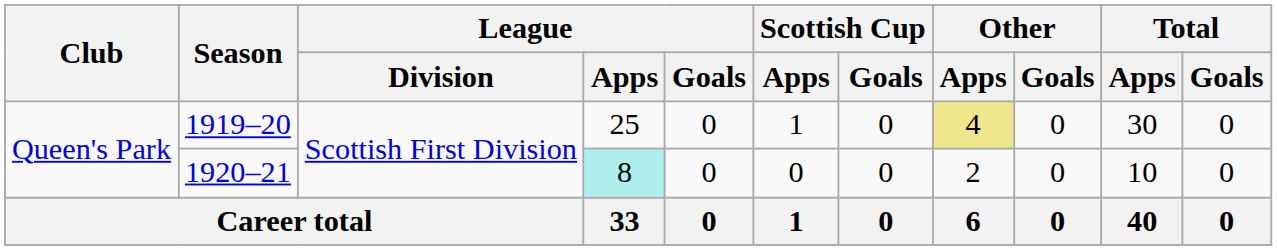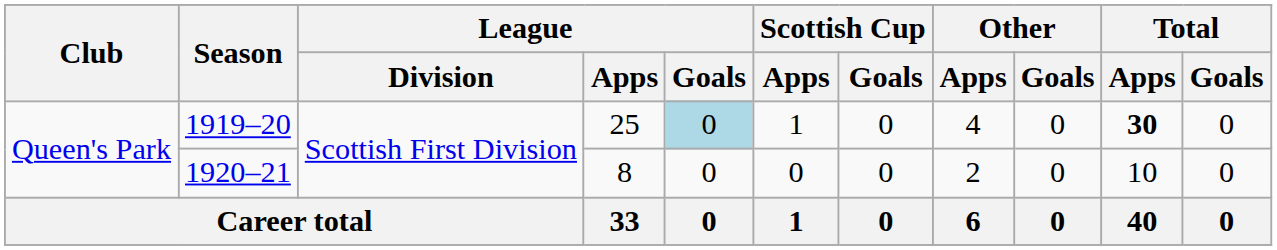 <table class="wikitable" style="text-align: center;">
 <tr>
 <th rowspan="2">Club</th>
 <th rowspan="2">Season</th>
 <th colspan="3">League</th>
 <th colspan="2">Scottish Cup</th>
 <th colspan="2">Other</th>
 <th colspan="2">Total</th>
 </tr>
 <tr>
 <th>Division</th>
 <th>Apps</th>
 <th>Goals</th>
 <th>Apps</th>
 <th>Goals</th>
 <th>Apps</th>
 <th>Goals</th>
 <th>Apps</th>
 <th>Goals</th>
 </tr>
 <tr>
 <td rowspan="2"><a href='#'>Queen's Park</a></td>
 <td><a href='#'>1919–20</a></td>
 <td rowspan="2"><a href='#'>Scottish First Division</a></td>
 <td>25</td>
-<td>0</td>
+<td style="background: lightblue;">0</td>
 <td>1</td>
 <td>0</td>
-<td style="background: khaki;">4</td>
+<td>4</td>
 <td>0</td>
-<td>30</td>
+<td><strong>30</strong></td>
 <td>0</td>
 </tr>
 <tr>
 <td><a href='#'>1920–21</a></td>
-<td style="background: paleturquoise;">8</td>
+<td>8</td>
 <td>0</td>
 <td>0</td>
 <td>0</td>
 <td>2</td>
 <td>0</td>
 <td>10</td>
 <td>0</td>
 </tr>
 <tr>
 <th colspan="3">Career total</th>
 <th>33</th>
 <th>0</th>
 <th>1</th>
 <th>0</th>
 <th>6</th>
 <th>0</th>
 <th>40</th>
 <th>0</th>
 </tr>
 </table>
